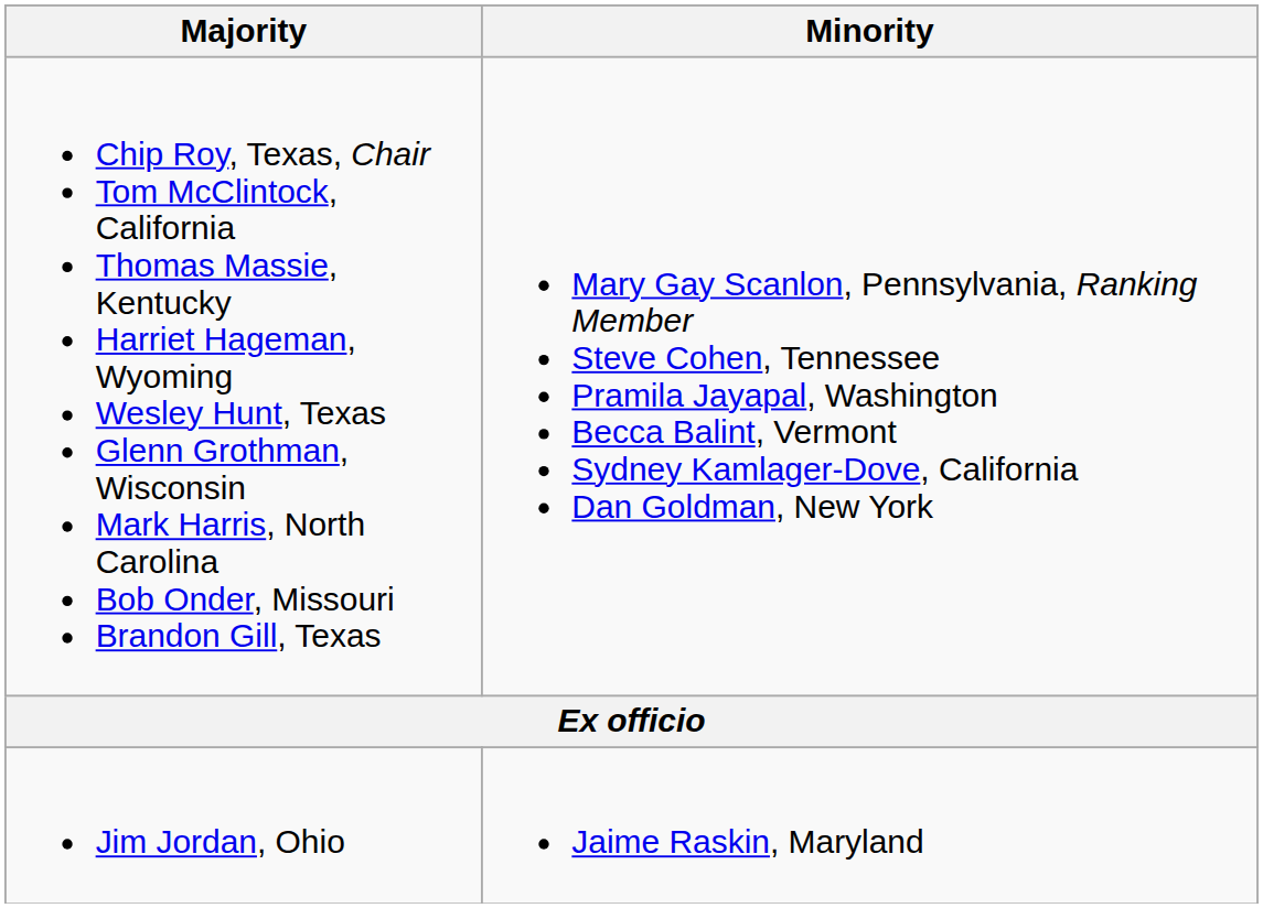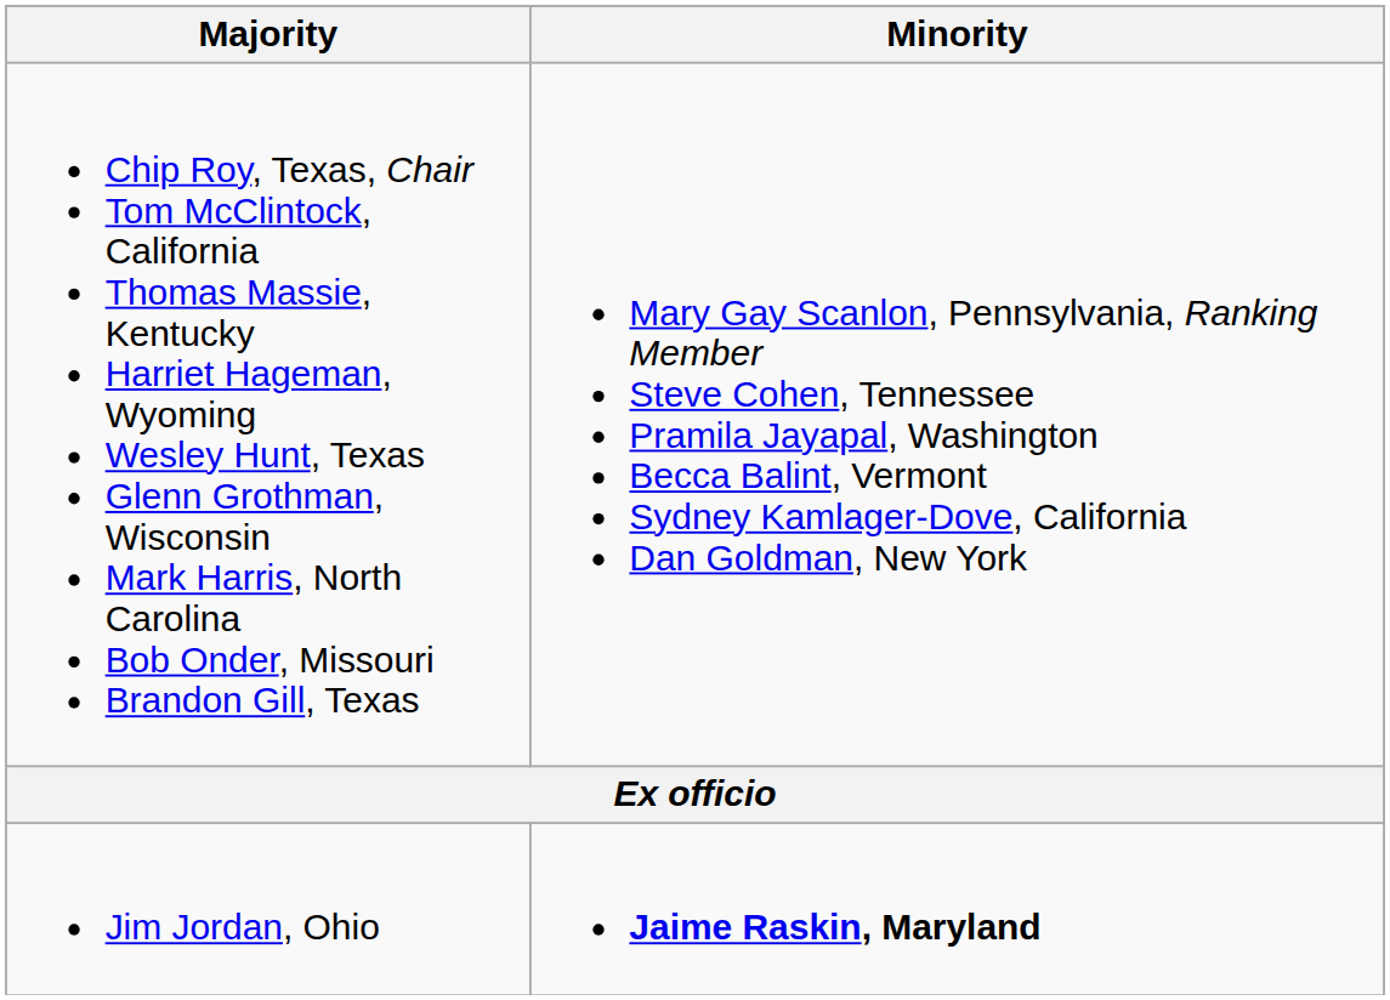 <table class=wikitable>
 <tr>
 <th>Majority</th>
 <th>Minority</th>
 </tr>
 <tr>
 <td><br><ul><li><a href='#'>Chip Roy</a>, Texas, <em>Chair</em></li><li><a href='#'>Tom McClintock</a>, California</li><li><a href='#'>Thomas Massie</a>, Kentucky</li><li><a href='#'>Harriet Hageman</a>, Wyoming</li><li><a href='#'>Wesley Hunt</a>, Texas</li><li><a href='#'>Glenn Grothman</a>, Wisconsin</li><li><a href='#'>Mark Harris</a>, North Carolina</li><li><a href='#'>Bob Onder</a>, Missouri</li><li><a href='#'>Brandon Gill</a>, Texas</li></ul></td>
 <td><br><ul><li><a href='#'>Mary Gay Scanlon</a>, Pennsylvania, <em>Ranking Member</em></li><li><a href='#'>Steve Cohen</a>, Tennessee</li><li><a href='#'>Pramila Jayapal</a>, Washington</li><li><a href='#'>Becca Balint</a>, Vermont</li><li><a href='#'>Sydney Kamlager-Dove</a>, California</li><li><a href='#'>Dan Goldman</a>, New York</li></ul></td>
 </tr>
 <tr>
 <th colspan=2><em>Ex officio</em></th>
 </tr>
 <tr>
 <td><br><ul><li><a href='#'>Jim Jordan</a>, Ohio</li></ul></td>
-<td><br><ul><li><a href='#'>Jaime Raskin</a>, Maryland</li></ul></td>
+<td><strong><br><ul><li><a href='#'>Jaime Raskin</a>, Maryland</li></ul></strong></td>
 </tr>
 </table>
